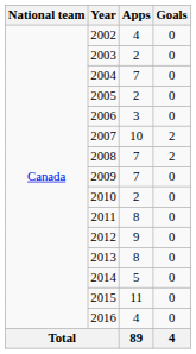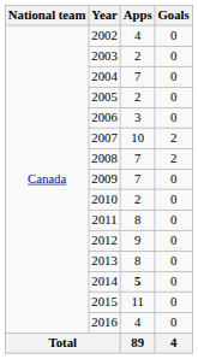 <table class="wikitable" style="text-align:center">
 <tr>
 <th>National team</th>
 <th>Year</th>
 <th>Apps</th>
 <th>Goals</th>
 </tr>
 <tr>
 <td rowspan="15"><a href='#'>Canada</a></td>
 <td>2002</td>
 <td>4</td>
 <td>0</td>
 </tr>
 <tr>
 <td>2003</td>
 <td>2</td>
 <td>0</td>
 </tr>
 <tr>
 <td>2004</td>
 <td>7</td>
 <td>0</td>
 </tr>
 <tr>
 <td>2005</td>
 <td>2</td>
 <td>0</td>
 </tr>
 <tr>
 <td>2006</td>
 <td>3</td>
 <td>0</td>
 </tr>
 <tr>
 <td>2007</td>
 <td>10</td>
 <td>2</td>
 </tr>
 <tr>
 <td>2008</td>
 <td>7</td>
 <td>2</td>
 </tr>
 <tr>
 <td>2009</td>
 <td>7</td>
 <td>0</td>
 </tr>
 <tr>
 <td>2010</td>
 <td>2</td>
 <td>0</td>
 </tr>
 <tr>
 <td>2011</td>
 <td>8</td>
 <td>0</td>
 </tr>
 <tr>
 <td>2012</td>
 <td>9</td>
 <td>0</td>
 </tr>
 <tr>
 <td>2013</td>
 <td>8</td>
 <td>0</td>
 </tr>
 <tr>
 <td>2014</td>
-<td>5</td>
+<td><strong>5</strong></td>
 <td>0</td>
 </tr>
 <tr>
 <td>2015</td>
 <td>11</td>
 <td>0</td>
 </tr>
 <tr>
 <td>2016</td>
 <td>4</td>
 <td>0</td>
 </tr>
 <tr>
 <th colspan="2">Total</th>
 <th>89</th>
 <th>4</th>
 </tr>
 </table>
